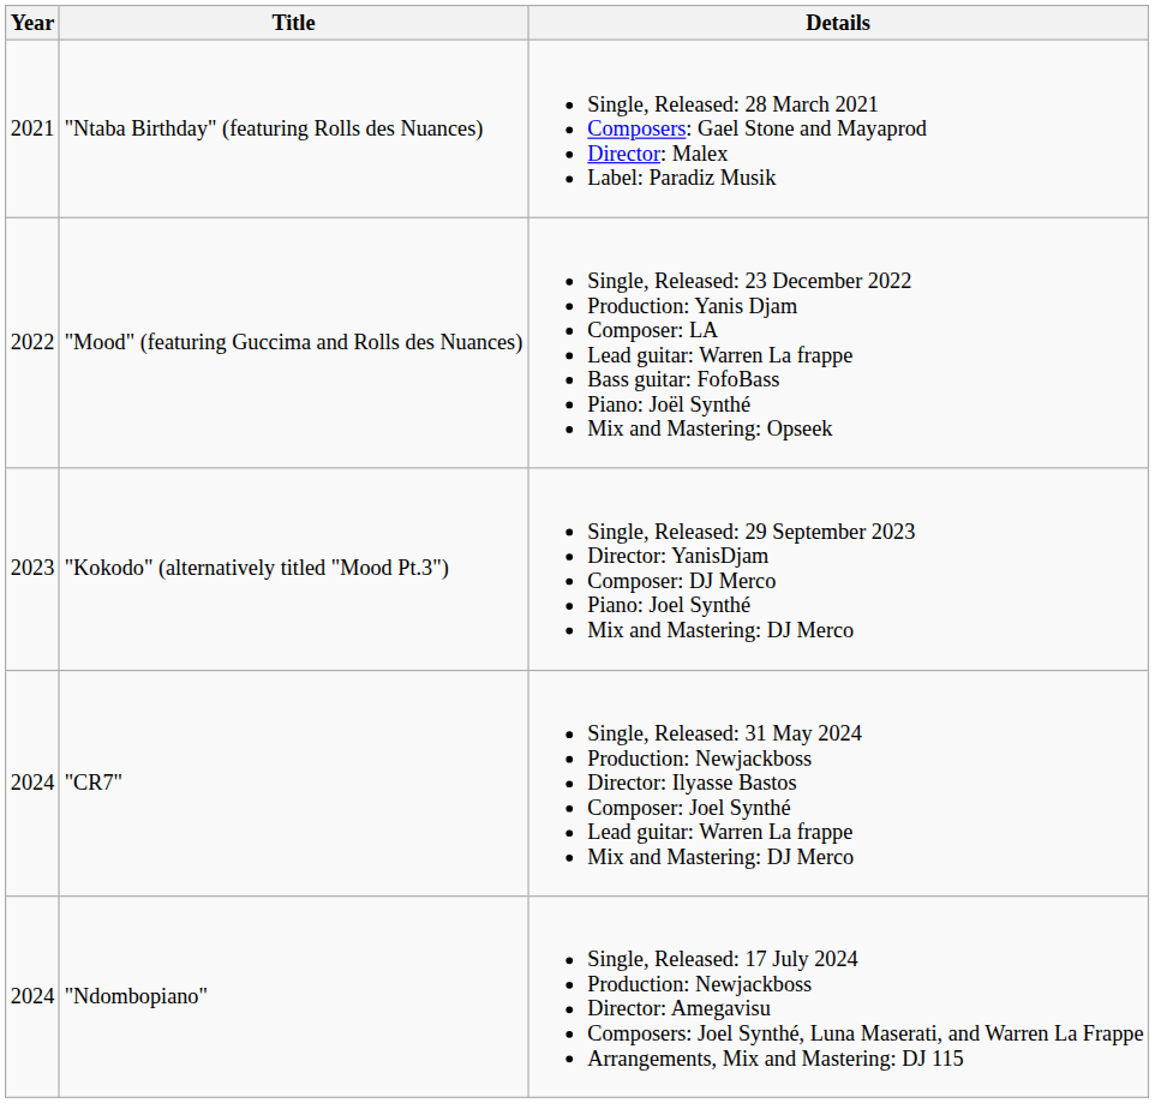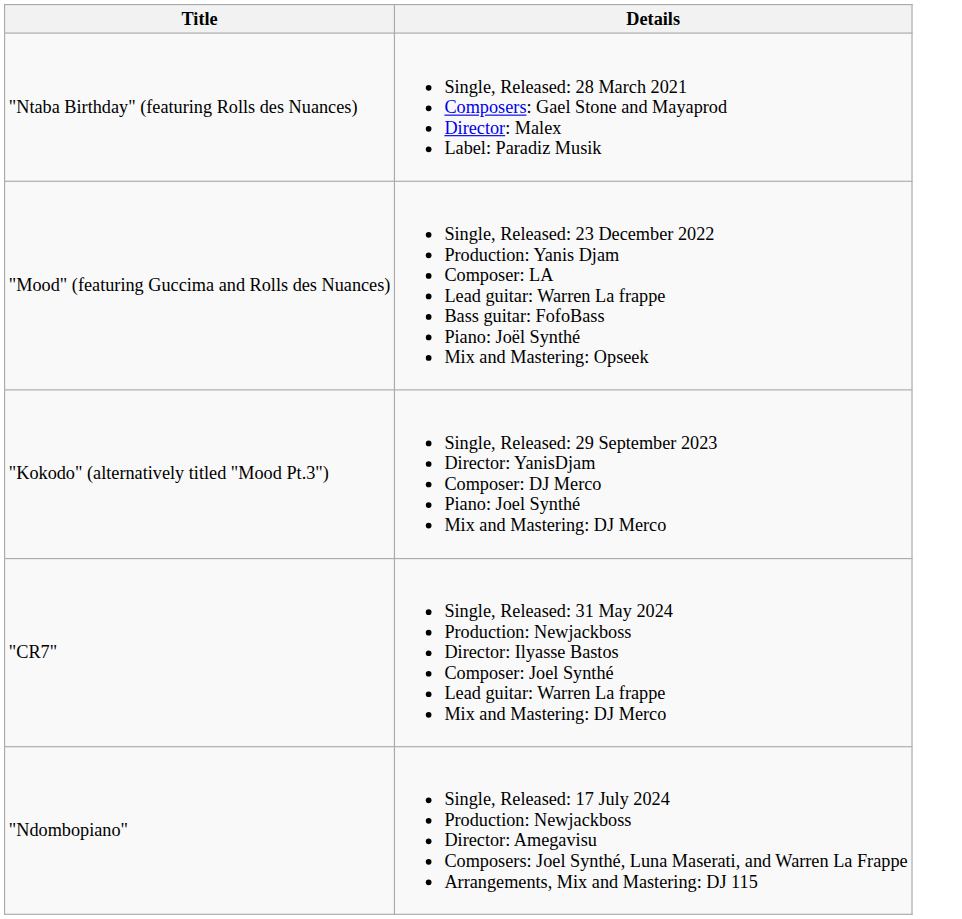 <table class="wikitable plainrowheaders">
 <tr>
-<th>Year</th>
 <th>Title</th>
 <th>Details</th>
 </tr>
 <tr>
-<td>2021</td>
 <td>"Ntaba Birthday" (featuring Rolls des Nuances)</td>
 <td><br><ul><li>Single, Released: 28 March 2021</li><li><a href='#'>Composers</a>: Gael Stone and  Mayaprod</li><li><a href='#'>Director</a>: Malex</li><li>Label: Paradiz Musik</li></ul></td>
 </tr>
 <tr>
-<td>2022</td>
 <td>"Mood" (featuring Guccima and Rolls des Nuances)</td>
 <td><br><ul><li>Single, Released: 23 December 2022</li><li>Production: Yanis Djam</li><li>Composer: LA</li><li>Lead guitar: Warren La frappe</li><li>Bass guitar: FofoBass</li><li>Piano: Joël Synthé</li><li>Mix and Mastering: Opseek</li></ul></td>
 </tr>
 <tr>
-<td>2023</td>
 <td>"Kokodo" (alternatively titled "Mood Pt.3")</td>
 <td><br><ul><li>Single, Released: 29 September 2023</li><li>Director: YanisDjam</li><li>Composer: ​⁠​⁠DJ Merco</li><li>Piano: ​⁠​⁠Joel Synthé</li><li>Mix and Mastering: ​⁠​⁠DJ Merco</li></ul></td>
 </tr>
 <tr>
-<td>2024</td>
 <td>"CR7"</td>
 <td><br><ul><li>Single, Released: 31 May 2024</li><li>Production: Newjackboss</li><li>Director: Ilyasse Bastos</li><li>Composer: Joel Synthé</li><li>Lead guitar: Warren La frappe</li><li>Mix and Mastering: DJ Merco</li></ul></td>
 </tr>
 <tr>
-<td>2024</td>
 <td>"Ndombopiano"</td>
 <td><br><ul><li>Single, Released: 17 July 2024</li><li>Production: Newjackboss</li><li>Director: Amegavisu</li><li>Composers: Joel Synthé, Luna Maserati, and Warren La Frappe</li><li>Arrangements, Mix and Mastering: DJ 115</li></ul></td>
 </tr>
 </table>
